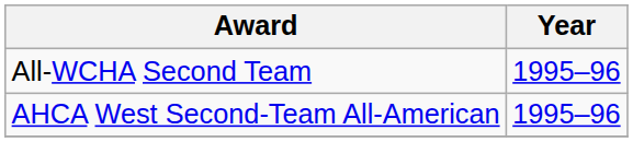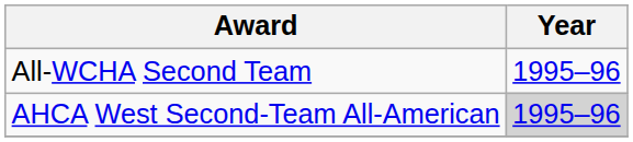 <table class="wikitable">
 <tr>
 <th>Award</th>
 <th>Year</th>
 </tr>
 <tr>
 <td>All-<a href='#'>WCHA</a> <a href='#'>Second Team</a></td>
 <td><a href='#'>1995–96</a></td>
 </tr>
 <tr>
 <td><a href='#'>AHCA</a> <a href='#'>West Second-Team All-American</a></td>
-<td><a href='#'>1995–96</a></td>
+<td style="background: lightgrey;"><a href='#'>1995–96</a></td>
 </tr>
 <tr>
 </tr>
 </table>
